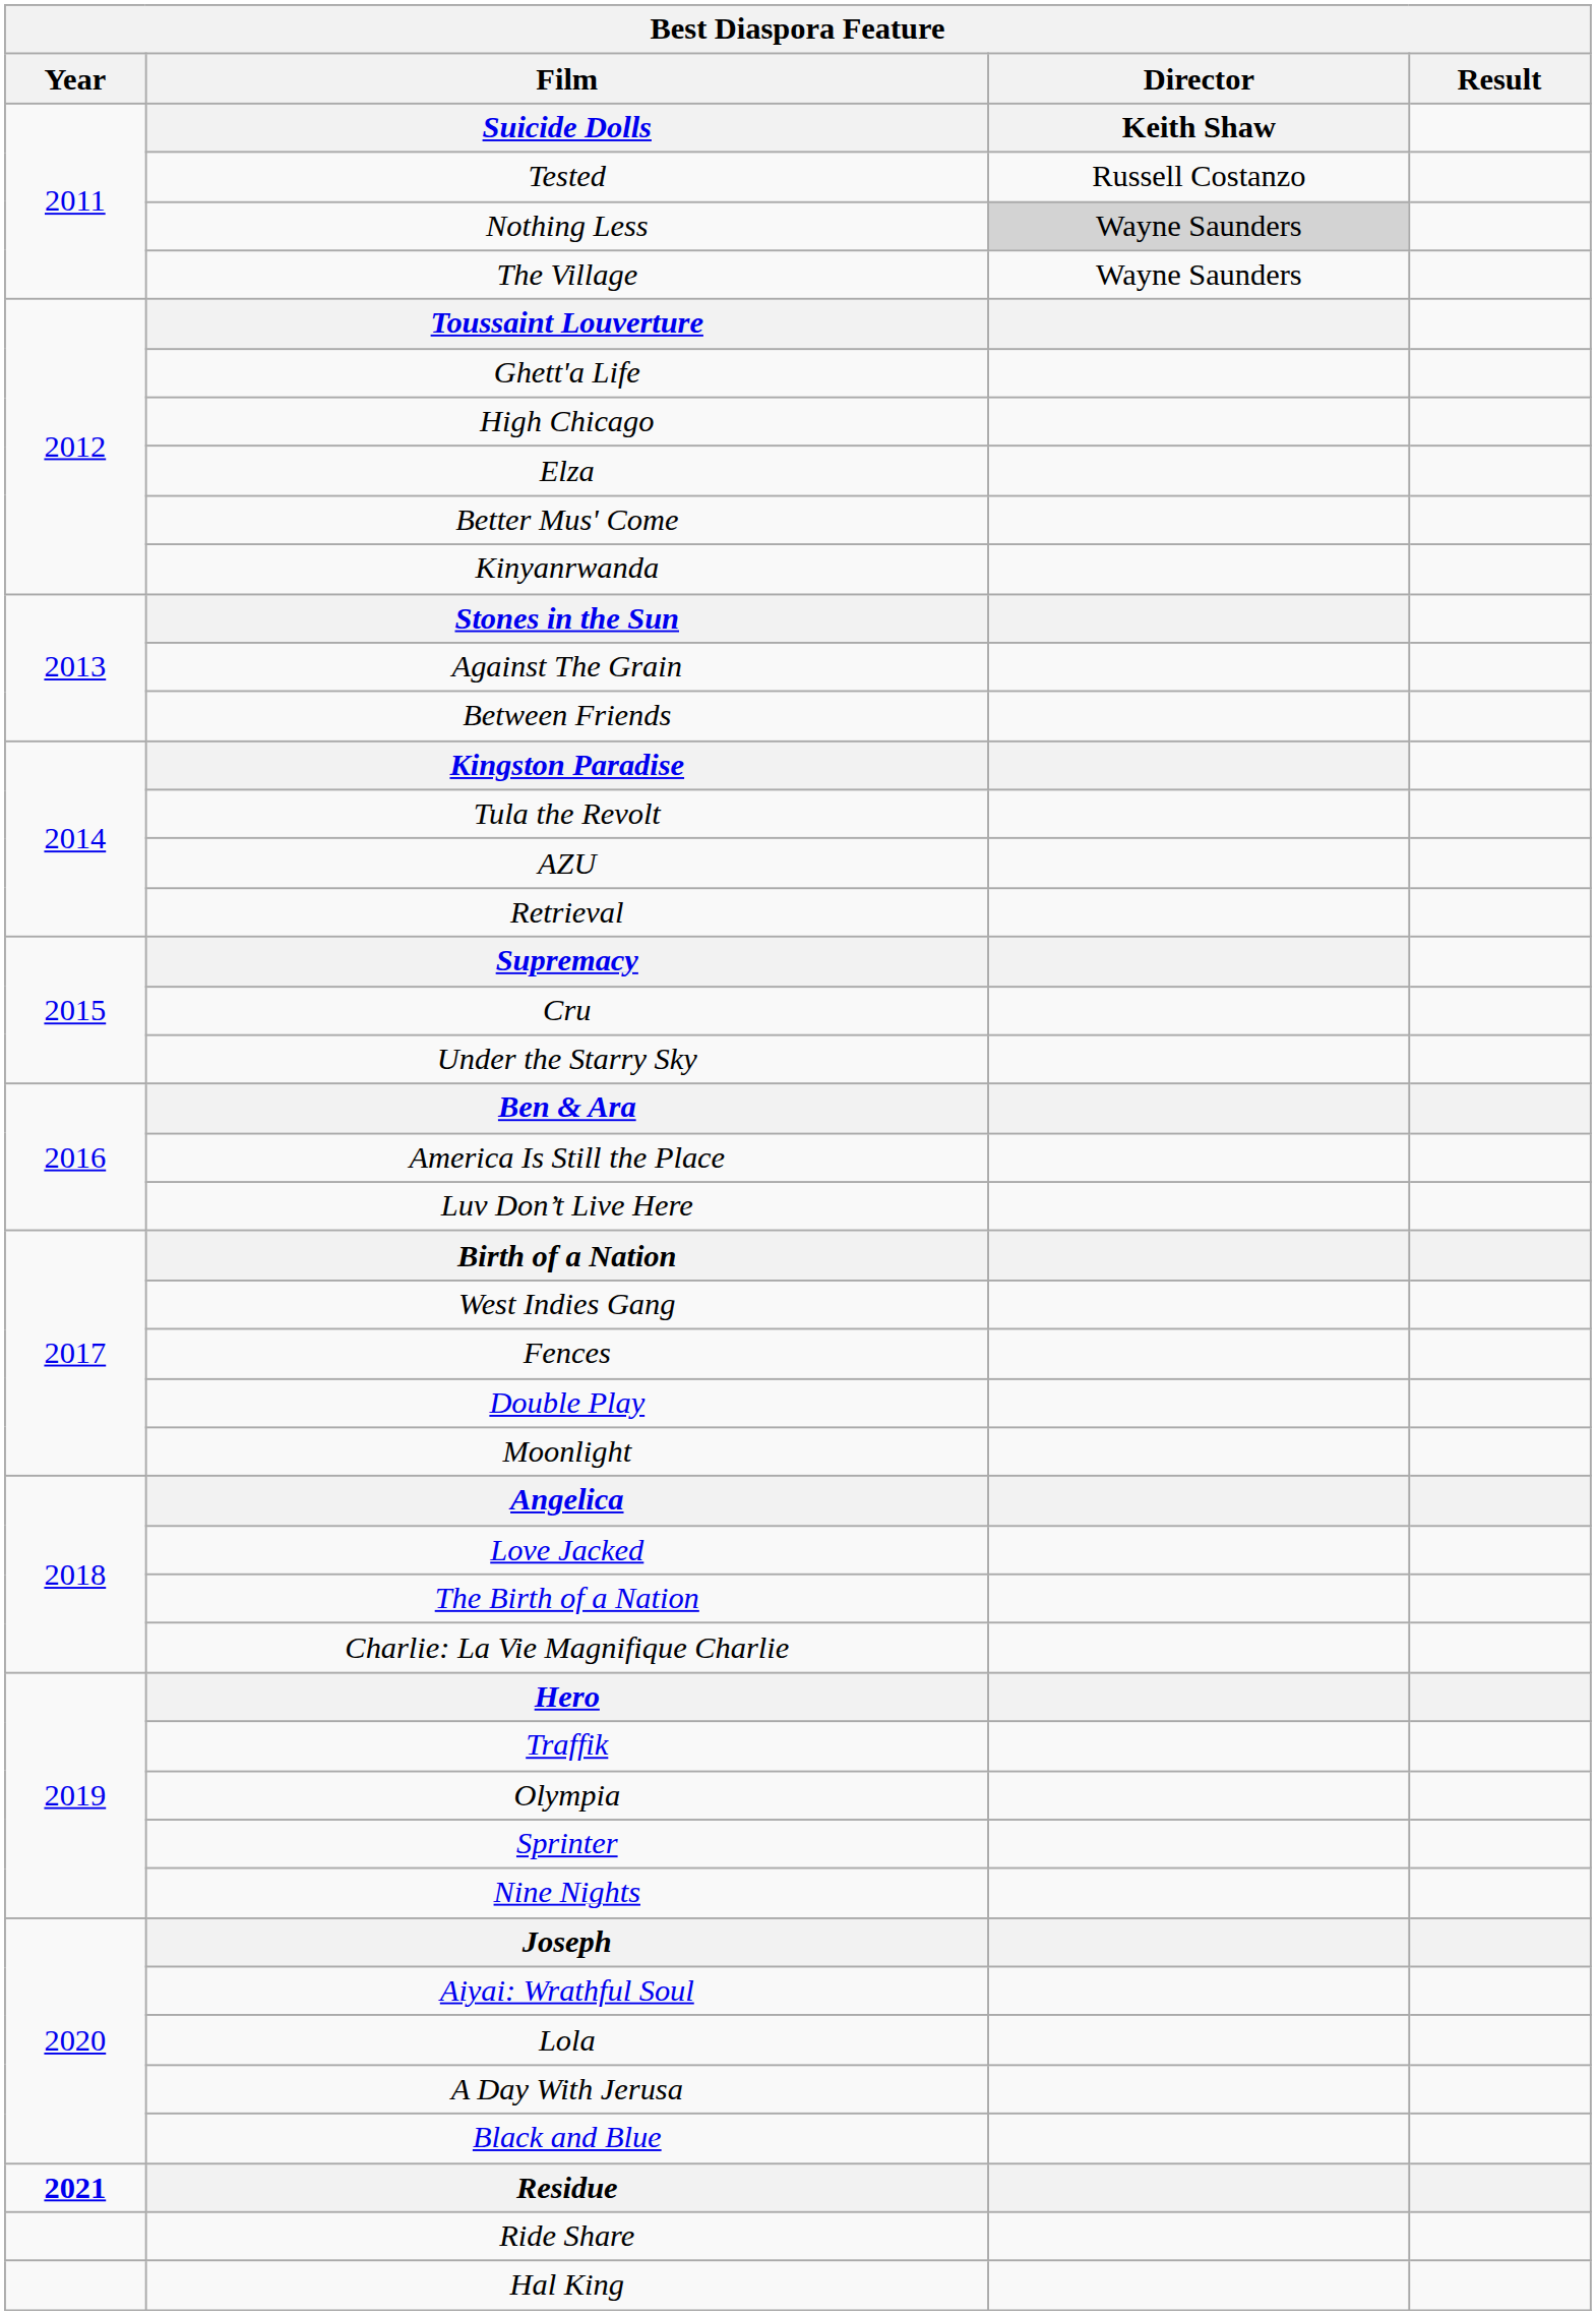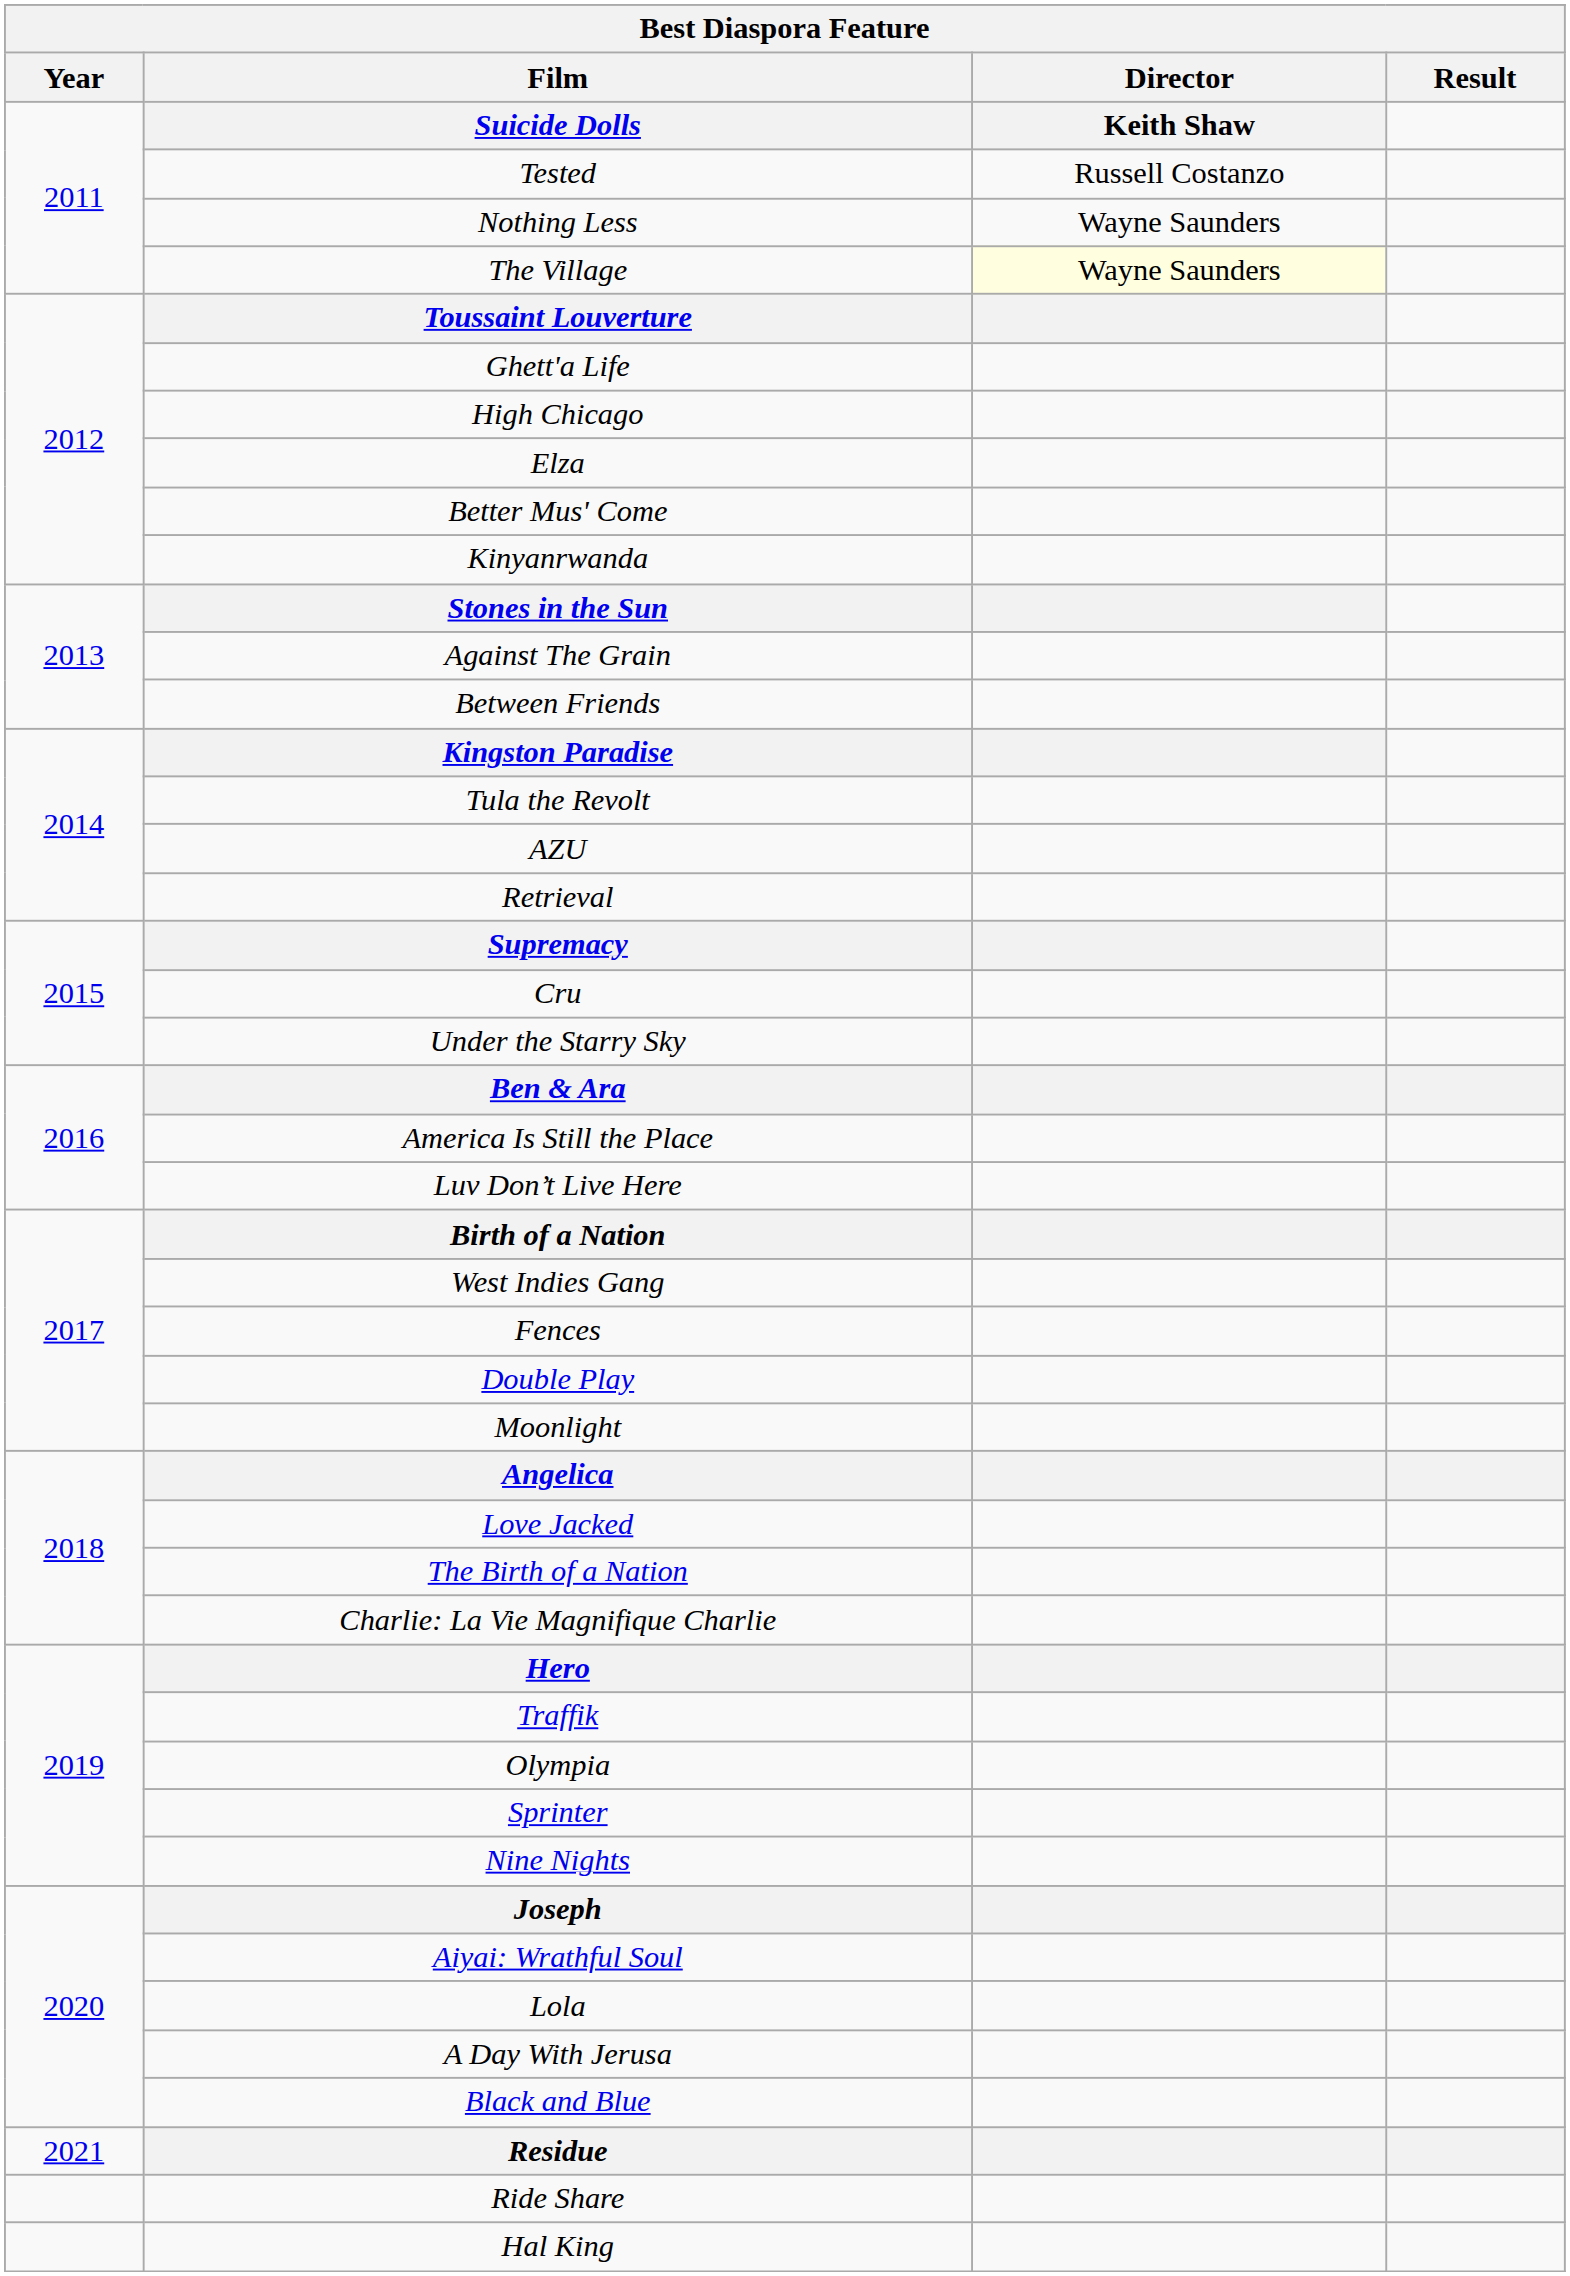 <table class=wikitable style="text-align:center" width="65%">
 <tr>
 <th colspan="5">Best Diaspora Feature</th>
 </tr>
 <tr>
 <th>Year</th>
 <th>Film</th>
 <th>Director</th>
 <th>Result</th>
 </tr>
 <tr>
 <td rowspan="4"><a href='#'>2011</a></td>
 <th><em><a href='#'>Suicide Dolls</a></em></th>
 <th>Keith Shaw</th>
 <td></td>
 </tr>
 <tr>
 <td><em>Tested</em></td>
 <td>Russell Costanzo</td>
 <td></td>
 </tr>
 <tr>
 <td><em>Nothing Less</em></td>
-<td style="background: lightgrey;">Wayne Saunders</td>
+<td>Wayne Saunders</td>
 <td></td>
 </tr>
 <tr>
 <td><em>The Village</em></td>
-<td>Wayne Saunders</td>
+<td style="background: lightyellow;">Wayne Saunders</td>
 <td></td>
 </tr>
 <tr>
 <td rowspan="6"><a href='#'>2012</a></td>
 <th><em><a href='#'>Toussaint Louverture</a></em></th>
 <th></th>
 <td></td>
 </tr>
 <tr>
 <td><em>Ghett'a Life</em></td>
 <td></td>
 <td></td>
 </tr>
 <tr>
 <td><em>High Chicago</em></td>
 <td></td>
 <td></td>
 </tr>
 <tr>
 <td><em>Elza</em></td>
 <td></td>
 <td></td>
 </tr>
 <tr>
 <td><em>Better Mus' Come</em></td>
 <td></td>
 <td></td>
 </tr>
 <tr>
 <td><em>Kinyanrwanda</em></td>
 <td></td>
 <td></td>
 </tr>
 <tr>
 <td rowspan="3"><a href='#'>2013</a></td>
 <th><em><a href='#'>Stones in the Sun</a></em></th>
 <th></th>
 <td></td>
 </tr>
 <tr>
 <td><em>Against The Grain</em></td>
 <td></td>
 <td></td>
 </tr>
 <tr>
 <td><em>Between Friends</em></td>
 <td></td>
 <td></td>
 </tr>
 <tr>
 <td rowspan="4"><a href='#'>2014</a></td>
 <th><em><a href='#'>Kingston Paradise</a></em></th>
 <th></th>
 <td></td>
 </tr>
 <tr>
 <td><em>Tula the Revolt</em></td>
 <td></td>
 <td></td>
 </tr>
 <tr>
 <td><em>AZU</em></td>
 <td></td>
 <td></td>
 </tr>
 <tr>
 <td><em>Retrieval</em></td>
 <td></td>
 <td></td>
 </tr>
 <tr>
 <td rowspan="3"><a href='#'>2015</a></td>
 <th><em><a href='#'>Supremacy</a></em></th>
 <th></th>
 <td></td>
 </tr>
 <tr>
 <td><em>Cru</em></td>
 <td></td>
 <td></td>
 </tr>
 <tr>
 <td><em>Under the Starry Sky</em></td>
 <td></td>
 <td></td>
 </tr>
 <tr>
 <td rowspan="3"><a href='#'>2016</a></td>
 <th><strong><em><a href='#'>Ben & Ara</a></em></strong></th>
 <th></th>
 <th></th>
 </tr>
 <tr>
 <td><em>America Is Still the Place</em></td>
 <td></td>
 <td></td>
 </tr>
 <tr>
 <td><em>Luv Don’t Live Here</em></td>
 <td></td>
 <td></td>
 </tr>
 <tr>
 <td rowspan="5"><a href='#'>2017</a></td>
 <th><strong><em>Birth of a Nation</em></strong></th>
 <th></th>
 <th></th>
 </tr>
 <tr>
 <td><em>West Indies Gang</em></td>
 <td></td>
 <td></td>
 </tr>
 <tr>
 <td><em>Fences</em></td>
 <td></td>
 <td></td>
 </tr>
 <tr>
 <td><em><a href='#'>Double Play</a></em></td>
 <td></td>
 <td></td>
 </tr>
 <tr>
 <td><em>Moonlight</em></td>
 <td></td>
 <td></td>
 </tr>
 <tr>
 <td rowspan="4"><a href='#'>2018</a></td>
 <th><strong><em><a href='#'>Angelica</a></em></strong></th>
 <th></th>
 <th></th>
 </tr>
 <tr>
 <td><em><a href='#'>Love Jacked</a></em></td>
 <td></td>
 <td></td>
 </tr>
 <tr>
 <td><em><a href='#'>The Birth of a Nation</a></em></td>
 <td></td>
 <td></td>
 </tr>
 <tr>
 <td><em>Charlie: La Vie Magnifique Charlie</em></td>
 <td></td>
 <td></td>
 </tr>
 <tr>
 <td rowspan="5"><a href='#'>2019</a></td>
 <th><strong><em><a href='#'>Hero</a></em></strong></th>
 <th></th>
 <th></th>
 </tr>
 <tr>
 <td><em><a href='#'>Traffik</a></em></td>
 <td></td>
 <td></td>
 </tr>
 <tr>
 <td><em>Olympia</em></td>
 <td></td>
 <td></td>
 </tr>
 <tr>
 <td><em><a href='#'>Sprinter</a></em></td>
 <td></td>
 <td></td>
 </tr>
 <tr>
 <td><em><a href='#'>Nine Nights</a></em></td>
 <td></td>
 <td></td>
 </tr>
 <tr>
 <td rowspan="5"><a href='#'>2020</a></td>
 <th><strong><em>Joseph</em></strong></th>
 <th></th>
 <th></th>
 </tr>
 <tr>
 <td><em><a href='#'>Aiyai: Wrathful Soul</a></em></td>
 <td></td>
 <td></td>
 </tr>
 <tr>
 <td><em>Lola</em></td>
 <td></td>
 <td></td>
 </tr>
 <tr>
 <td><em>A Day With Jerusa</em></td>
 <td></td>
 <td></td>
 </tr>
 <tr>
 <td><em><a href='#'>Black and Blue</a></em></td>
 <td></td>
 <td></td>
 </tr>
 <tr>
-<td><strong><a href='#'>2021</a></strong></td>
+<td><a href='#'>2021</a></td>
 <th><em>Residue</em></th>
 <th></th>
 <th></th>
 </tr>
 <tr>
 <td></td>
 <td><em>Ride Share</em></td>
 <td></td>
 <td></td>
 </tr>
 <tr>
 <td></td>
 <td><em>Hal King</em></td>
 <td></td>
 <td></td>
 </tr>
 <tr>
 </tr>
 </table>
